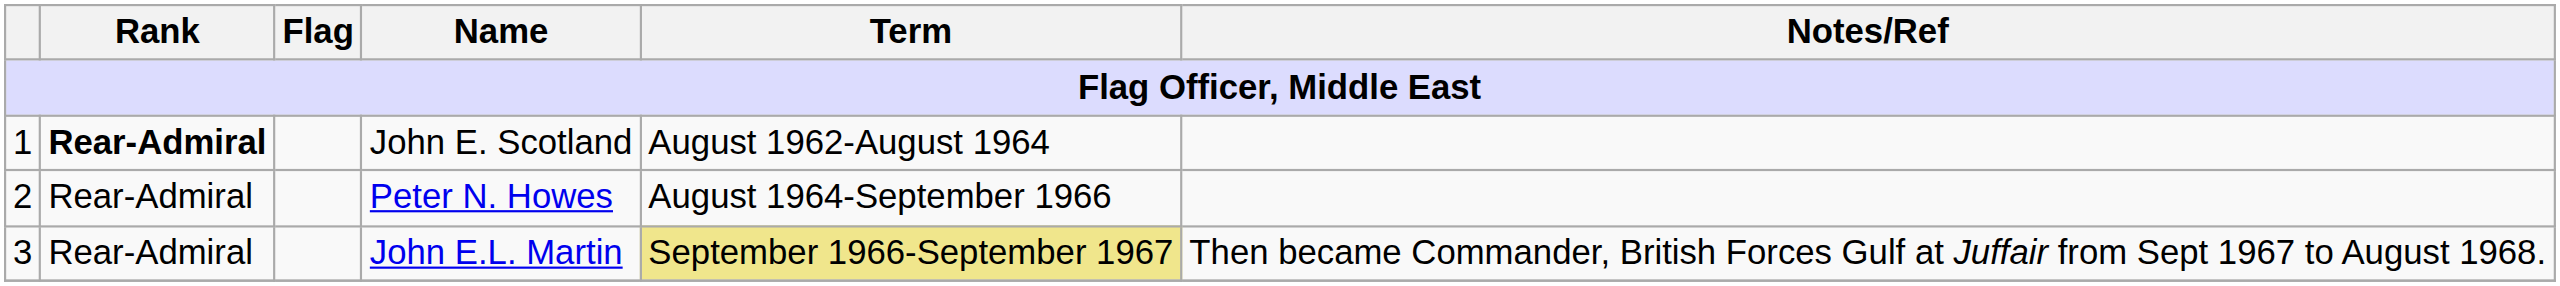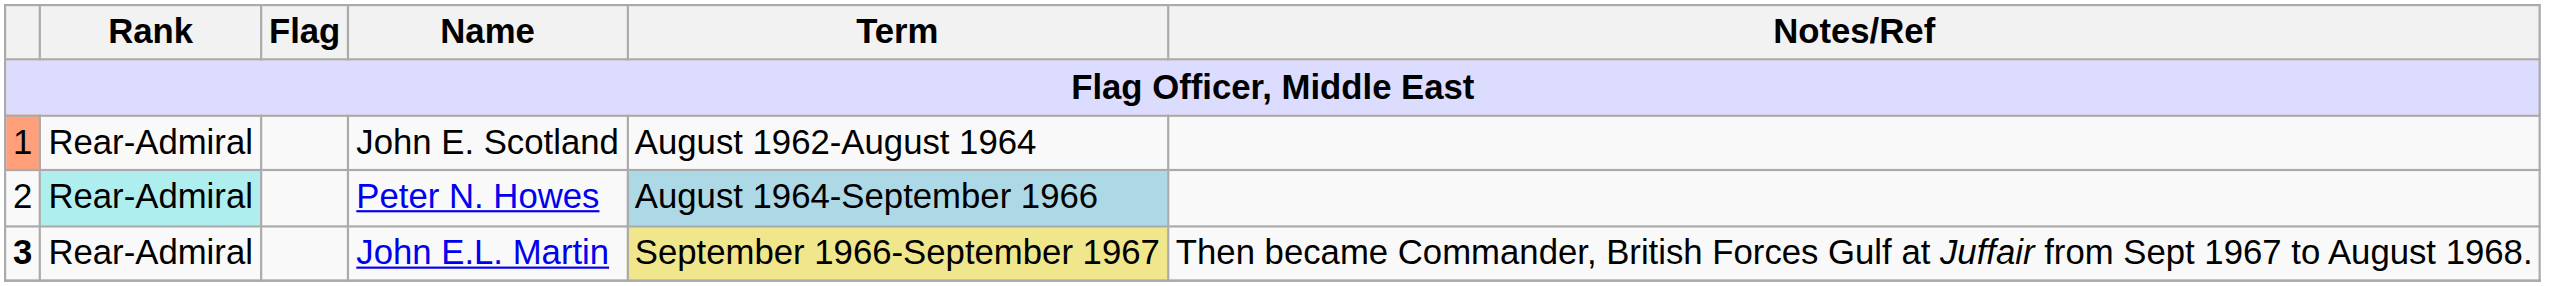 <table class="wikitable">
 <tr>
 <th></th>
 <th>Rank</th>
 <th>Flag</th>
 <th>Name</th>
 <th>Term</th>
 <th>Notes/Ref</th>
 </tr>
 <tr>
 <td colspan="6" align="center" style="background:#dcdcfe;"><strong>Flag Officer, Middle East</strong></td>
 </tr>
 <tr>
-<td>1</td>
-<td><strong>Rear-Admiral</strong></td>
+<td style="background: lightsalmon;">1</td>
+<td>Rear-Admiral</td>
 <td></td>
 <td>John E. Scotland</td>
 <td>August 1962-August 1964</td>
 <td></td>
 </tr>
 <tr>
 <td>2</td>
-<td>Rear-Admiral</td>
+<td style="background: paleturquoise;">Rear-Admiral</td>
 <td></td>
 <td><a href='#'>Peter N. Howes</a></td>
-<td>August 1964-September 1966</td>
+<td style="background: lightblue;">August 1964-September 1966</td>
 <td></td>
 </tr>
 <tr>
-<td>3</td>
+<td><strong>3</strong></td>
 <td>Rear-Admiral</td>
 <td></td>
 <td><a href='#'>John E.L. Martin</a></td>
 <td style="background: khaki;">September 1966-September 1967</td>
 <td> Then became Commander, British Forces Gulf at <em>Juffair</em> from Sept 1967 to August 1968.</td>
 </tr>
 <tr>
 </tr>
 </table>
